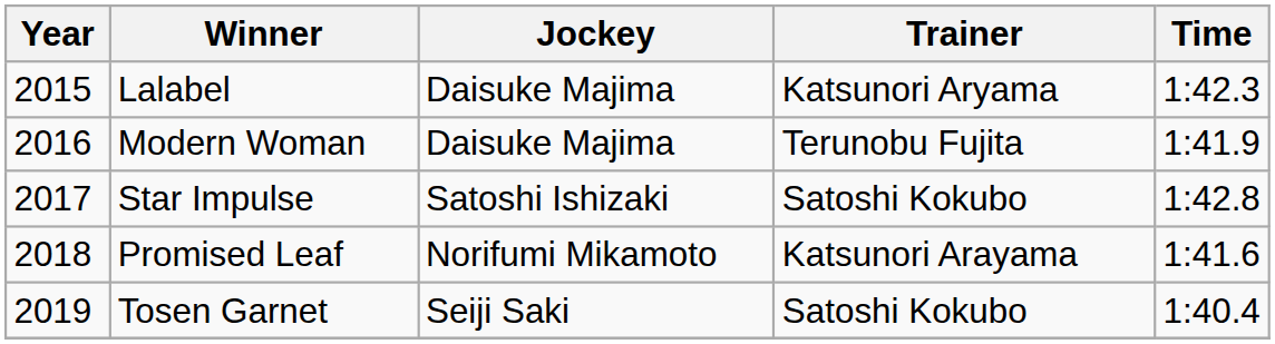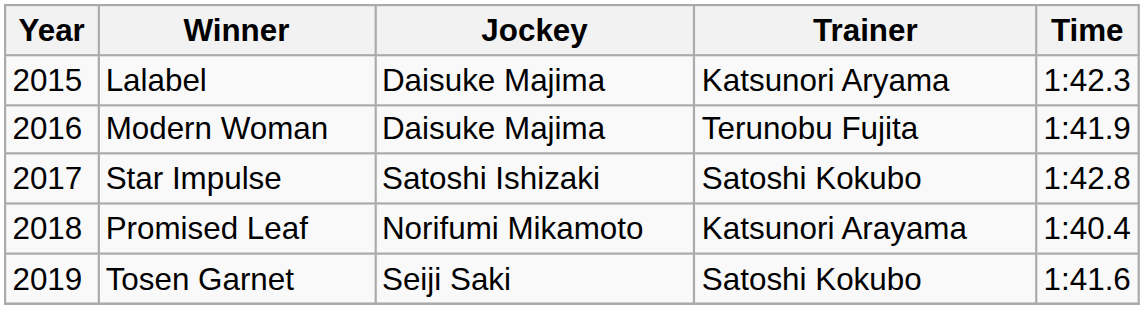 <table class="wikitable sortable" style="font-size:90%">
 <tr>
 <th width="36px">Year<br></th>
 <th width="120px">Winner<br></th>
 <th width="140px">Jockey<br></th>
 <th width="150px">Trainer<br></th>
 <th>Time<br></th>
 </tr>
 <tr>
 <td>2015</td>
 <td>Lalabel</td>
 <td>Daisuke Majima</td>
 <td>Katsunori Aryama</td>
 <td>1:42.3</td>
 </tr>
 <tr>
 <td>2016</td>
 <td>Modern Woman</td>
 <td>Daisuke Majima</td>
 <td>Terunobu Fujita</td>
 <td>1:41.9</td>
 </tr>
 <tr>
 <td>2017</td>
 <td>Star Impulse</td>
 <td>Satoshi Ishizaki</td>
 <td>Satoshi Kokubo</td>
 <td>1:42.8</td>
 </tr>
 <tr>
 <td>2018</td>
 <td>Promised Leaf</td>
 <td>Norifumi Mikamoto</td>
 <td>Katsunori Arayama</td>
-<td>1:41.6</td>
+<td>1:40.4</td>
 </tr>
 <tr>
 <td>2019</td>
 <td>Tosen Garnet</td>
 <td>Seiji Saki</td>
 <td>Satoshi Kokubo</td>
-<td>1:40.4</td>
+<td>1:41.6</td>
 </tr>
 <tr>
 </tr>
 </table>
